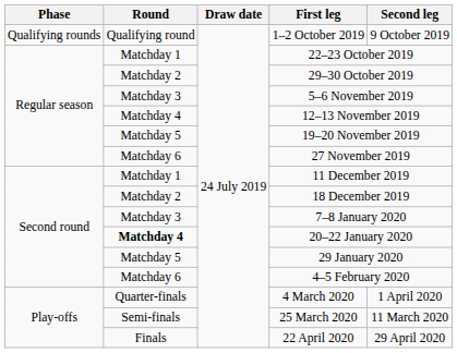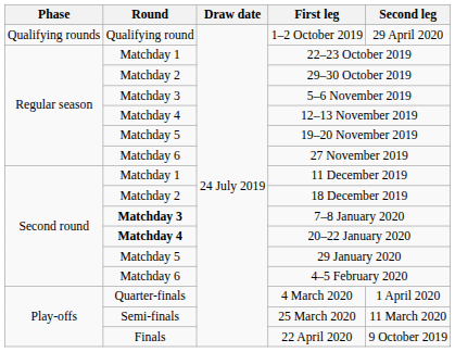 <table class="wikitable" style="text-align:center">
 <tr>
 <th>Phase</th>
 <th>Round</th>
 <th>Draw date</th>
 <th>First leg</th>
 <th>Second leg</th>
 </tr>
 <tr>
 <td rowspan=1>Qualifying rounds</td>
 <td>Qualifying round</td>
 <td rowspan=16>24 July 2019</td>
 <td>1–2 October 2019</td>
-<td>9 October 2019</td>
+<td>29 April 2020</td>
 </tr>
 <tr>
 <td rowspan=6>Regular season</td>
 <td>Matchday 1</td>
 <td colspan=2>22–23 October 2019</td>
 </tr>
 <tr>
 <td>Matchday 2</td>
 <td colspan=2>29–30 October 2019</td>
 </tr>
 <tr>
 <td>Matchday 3</td>
 <td colspan=2>5–6 November 2019</td>
 </tr>
 <tr>
 <td>Matchday 4</td>
 <td colspan=2>12–13 November 2019</td>
 </tr>
 <tr>
 <td>Matchday 5</td>
 <td colspan=2>19–20 November 2019</td>
 </tr>
 <tr>
 <td>Matchday 6</td>
 <td colspan=2>27 November 2019</td>
 </tr>
 <tr>
 <td rowspan=6>Second round</td>
 <td>Matchday 1</td>
 <td colspan=2>11 December 2019</td>
 </tr>
 <tr>
 <td>Matchday 2</td>
 <td colspan=2>18 December 2019</td>
 </tr>
 <tr>
-<td>Matchday 3</td>
+<td><strong>Matchday 3</strong></td>
 <td colspan=2>7–8 January 2020</td>
 </tr>
 <tr>
 <td><strong>Matchday 4</strong></td>
 <td colspan=2>20–22 January 2020</td>
 </tr>
 <tr>
 <td>Matchday 5</td>
 <td colspan=2>29 January 2020</td>
 </tr>
 <tr>
 <td>Matchday 6</td>
 <td colspan=2>4–5 February 2020</td>
 </tr>
 <tr>
 <td rowspan=3>Play-offs</td>
 <td>Quarter-finals</td>
 <td>4 March 2020</td>
 <td>1 April 2020</td>
 </tr>
 <tr>
 <td>Semi-finals</td>
 <td>25 March 2020</td>
 <td>11 March 2020</td>
 </tr>
 <tr>
 <td>Finals</td>
 <td>22 April 2020</td>
-<td>29 April 2020</td>
+<td>9 October 2019</td>
 </tr>
 </table>
